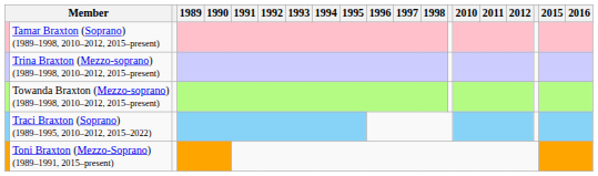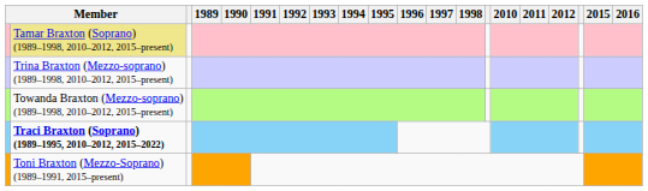 <table class="wikitable">
 <tr>
 <th colspan="2">Member</th>
 <th></th>
 <th>1989</th>
 <th>1990</th>
 <th>1991</th>
 <th>1992</th>
 <th>1993</th>
 <th>1994</th>
 <th>1995</th>
 <th>1996</th>
 <th>1997</th>
 <th>1998</th>
 <th></th>
 <th>2010</th>
 <th>2011</th>
 <th>2012</th>
 <th></th>
 <th>2015</th>
 <th>2016</th>
 </tr>
 <tr>
 <td style="background:pink"></td>
-<td><a href='#'>Tamar Braxton</a> (<a href='#'>Soprano</a>)<br><small>(1989–1998, 2010–2012, 2015–present)</small></td>
+<td style="background: khaki;"><a href='#'>Tamar Braxton</a> (<a href='#'>Soprano</a>)<br><small>(1989–1998, 2010–2012, 2015–present)</small></td>
 <td></td>
 <td colspan="10" style="text-align:center; background:pink;"></td>
 <td colspan="1"></td>
 <td colspan="3"  style="text-align:center; background:pink;"></td>
 <td colspan="1"></td>
 <td colspan="2"  style="text-align:center; background:pink;"></td>
 </tr>
 <tr>
 <td style="background:#ccf;"></td>
 <td><a href='#'>Trina Braxton</a> (<a href='#'>Mezzo-soprano</a>)<br><small>(1989–1998, 2010–2012, 2015–present)</small></td>
 <td></td>
 <td colspan="10" style="text-align:center; background:#ccf;"></td>
 <td colspan="1"></td>
 <td colspan="3"  style="text-align:center; background:#ccf;"></td>
 <td colspan="1"></td>
 <td colspan="2"  style="text-align:center; background:#ccf;"></td>
 </tr>
 <tr>
 <td style="background:#B4FB84"></td>
 <td>Towanda Braxton (<a href='#'>Mezzo-soprano</a>)<br><small>(1989–1998, 2010–2012, 2015–present)</small></td>
 <td></td>
 <td colspan="10" style="text-align:center; background:#B4FB84;"></td>
 <td colspan="1"></td>
 <td colspan="3"  style="text-align:center; background:#B4FB84;"></td>
 <td colspan="1"></td>
 <td colspan="2"  style="text-align:center; background:#B4FB84;"></td>
 </tr>
 <tr>
 <td style="background:#87D3F8;"></td>
-<td><a href='#'>Traci Braxton</a> (<a href='#'>Soprano</a>)<br><small>(1989–1995, 2010–2012, 2015–2022)</small></td>
+<td><strong><a href='#'>Traci Braxton</a> (<a href='#'>Soprano</a>)<br><small>(1989–1995, 2010–2012, 2015–2022)</small></strong></td>
 <td></td>
 <td colspan="7" style="text-align:center; background:#87D3F8;"></td>
 <td colspan="4"></td>
 <td colspan="3"  style="text-align:center; background:#87D3F8;"></td>
 <td colspan="1"></td>
 <td colspan="2"  style="text-align:center; background:#87D3F8;"></td>
 </tr>
 <tr>
 <td style="background:orange"></td>
 <td><a href='#'>Toni Braxton</a> (<a href='#'>Mezzo-Soprano</a>)<br><small>(1989–1991, 2015–present)</small></td>
 <td></td>
 <td colspan="2" style="text-align:center; background:orange;"></td>
 <td colspan="13"></td>
 <td colspan="2"  style="text-align:center; background:orange;"></td>
 </tr>
 </table>
